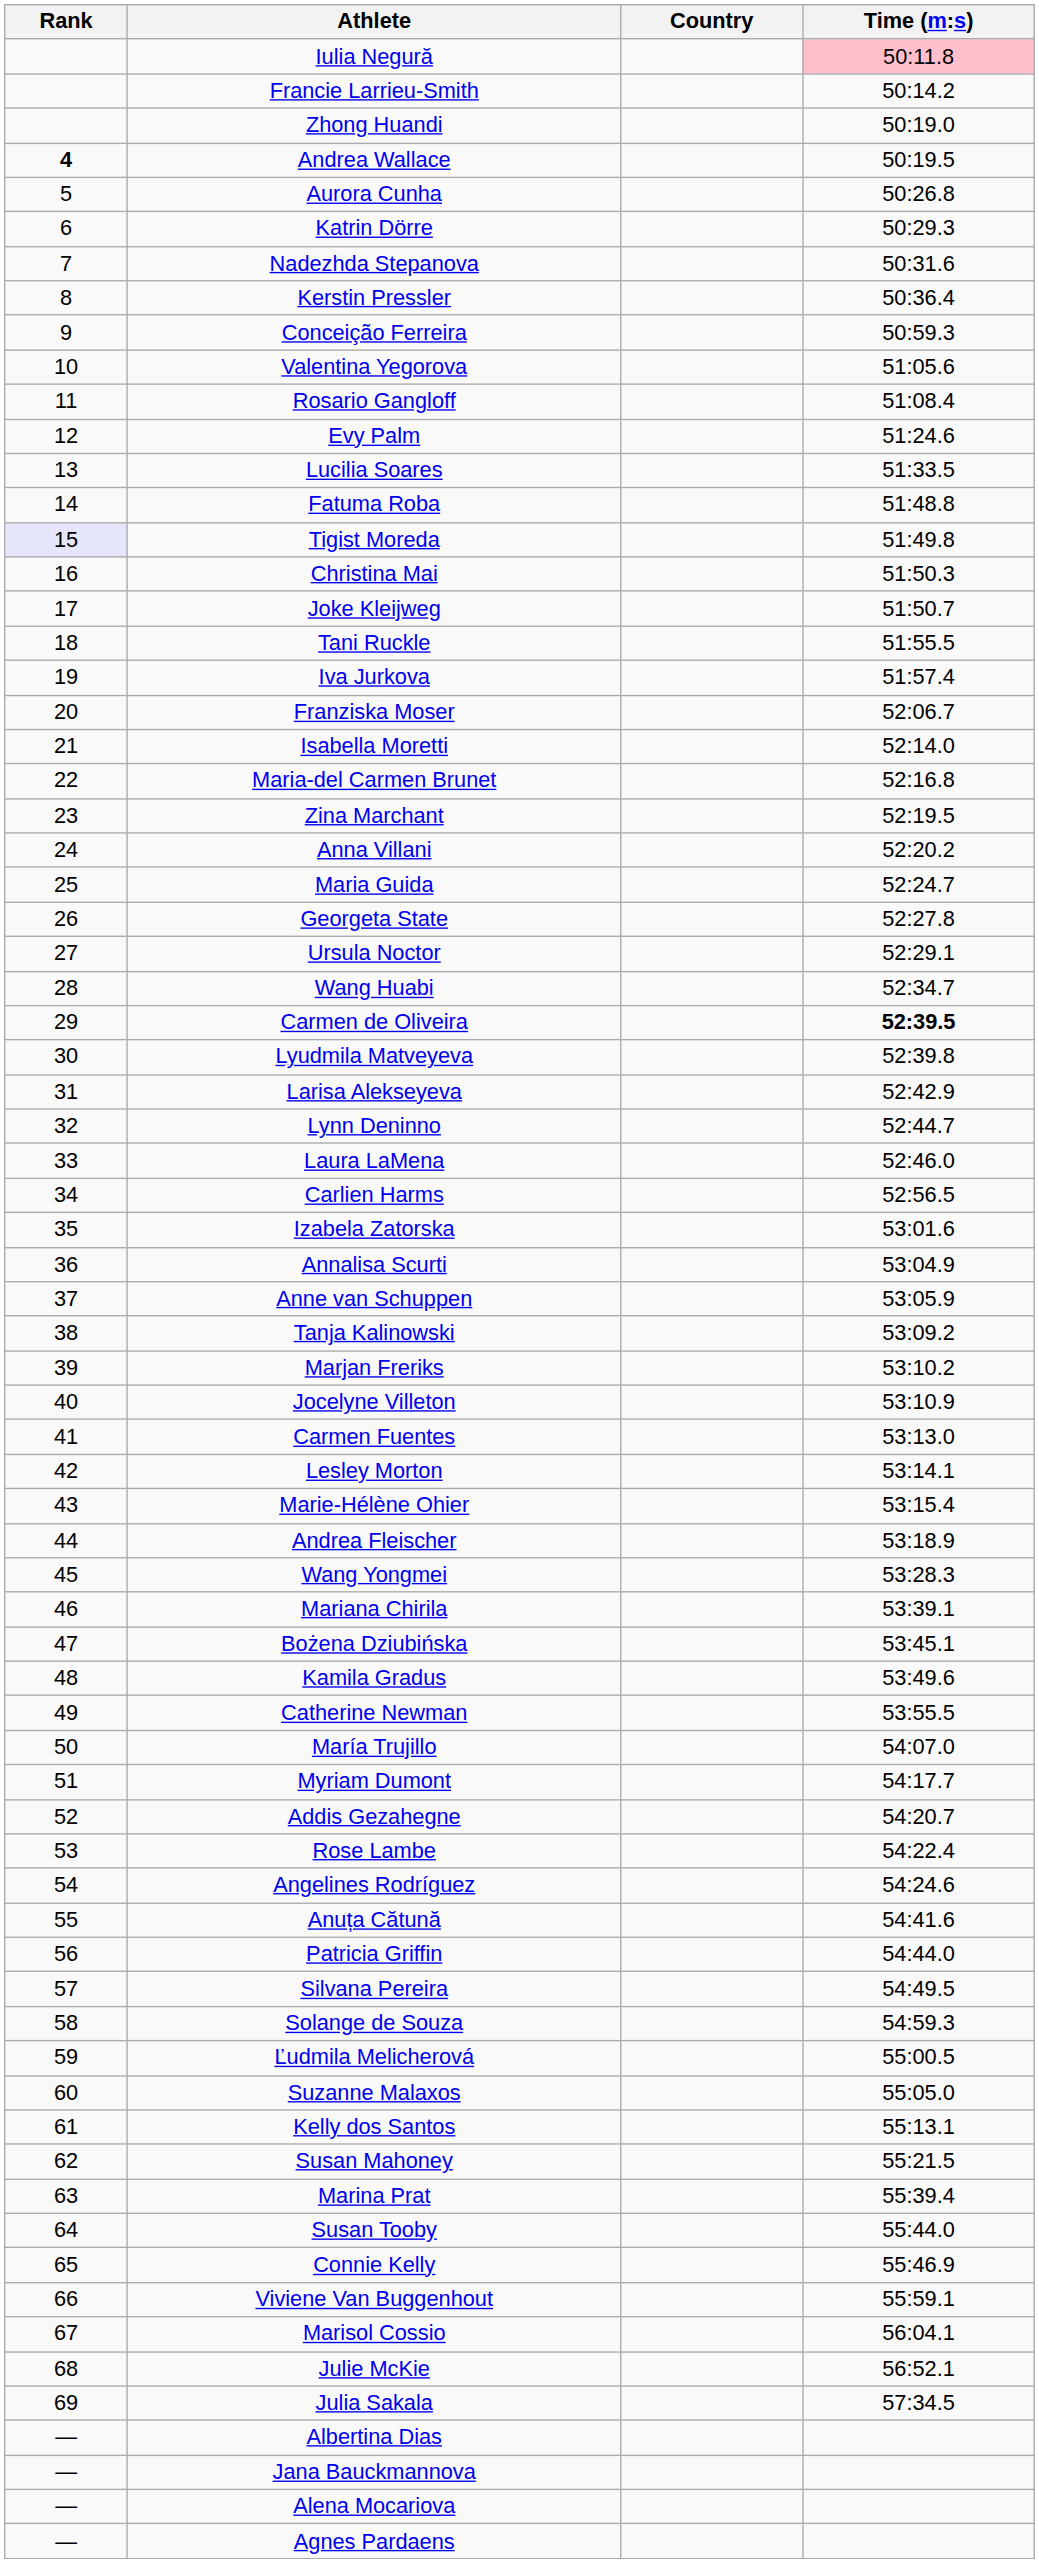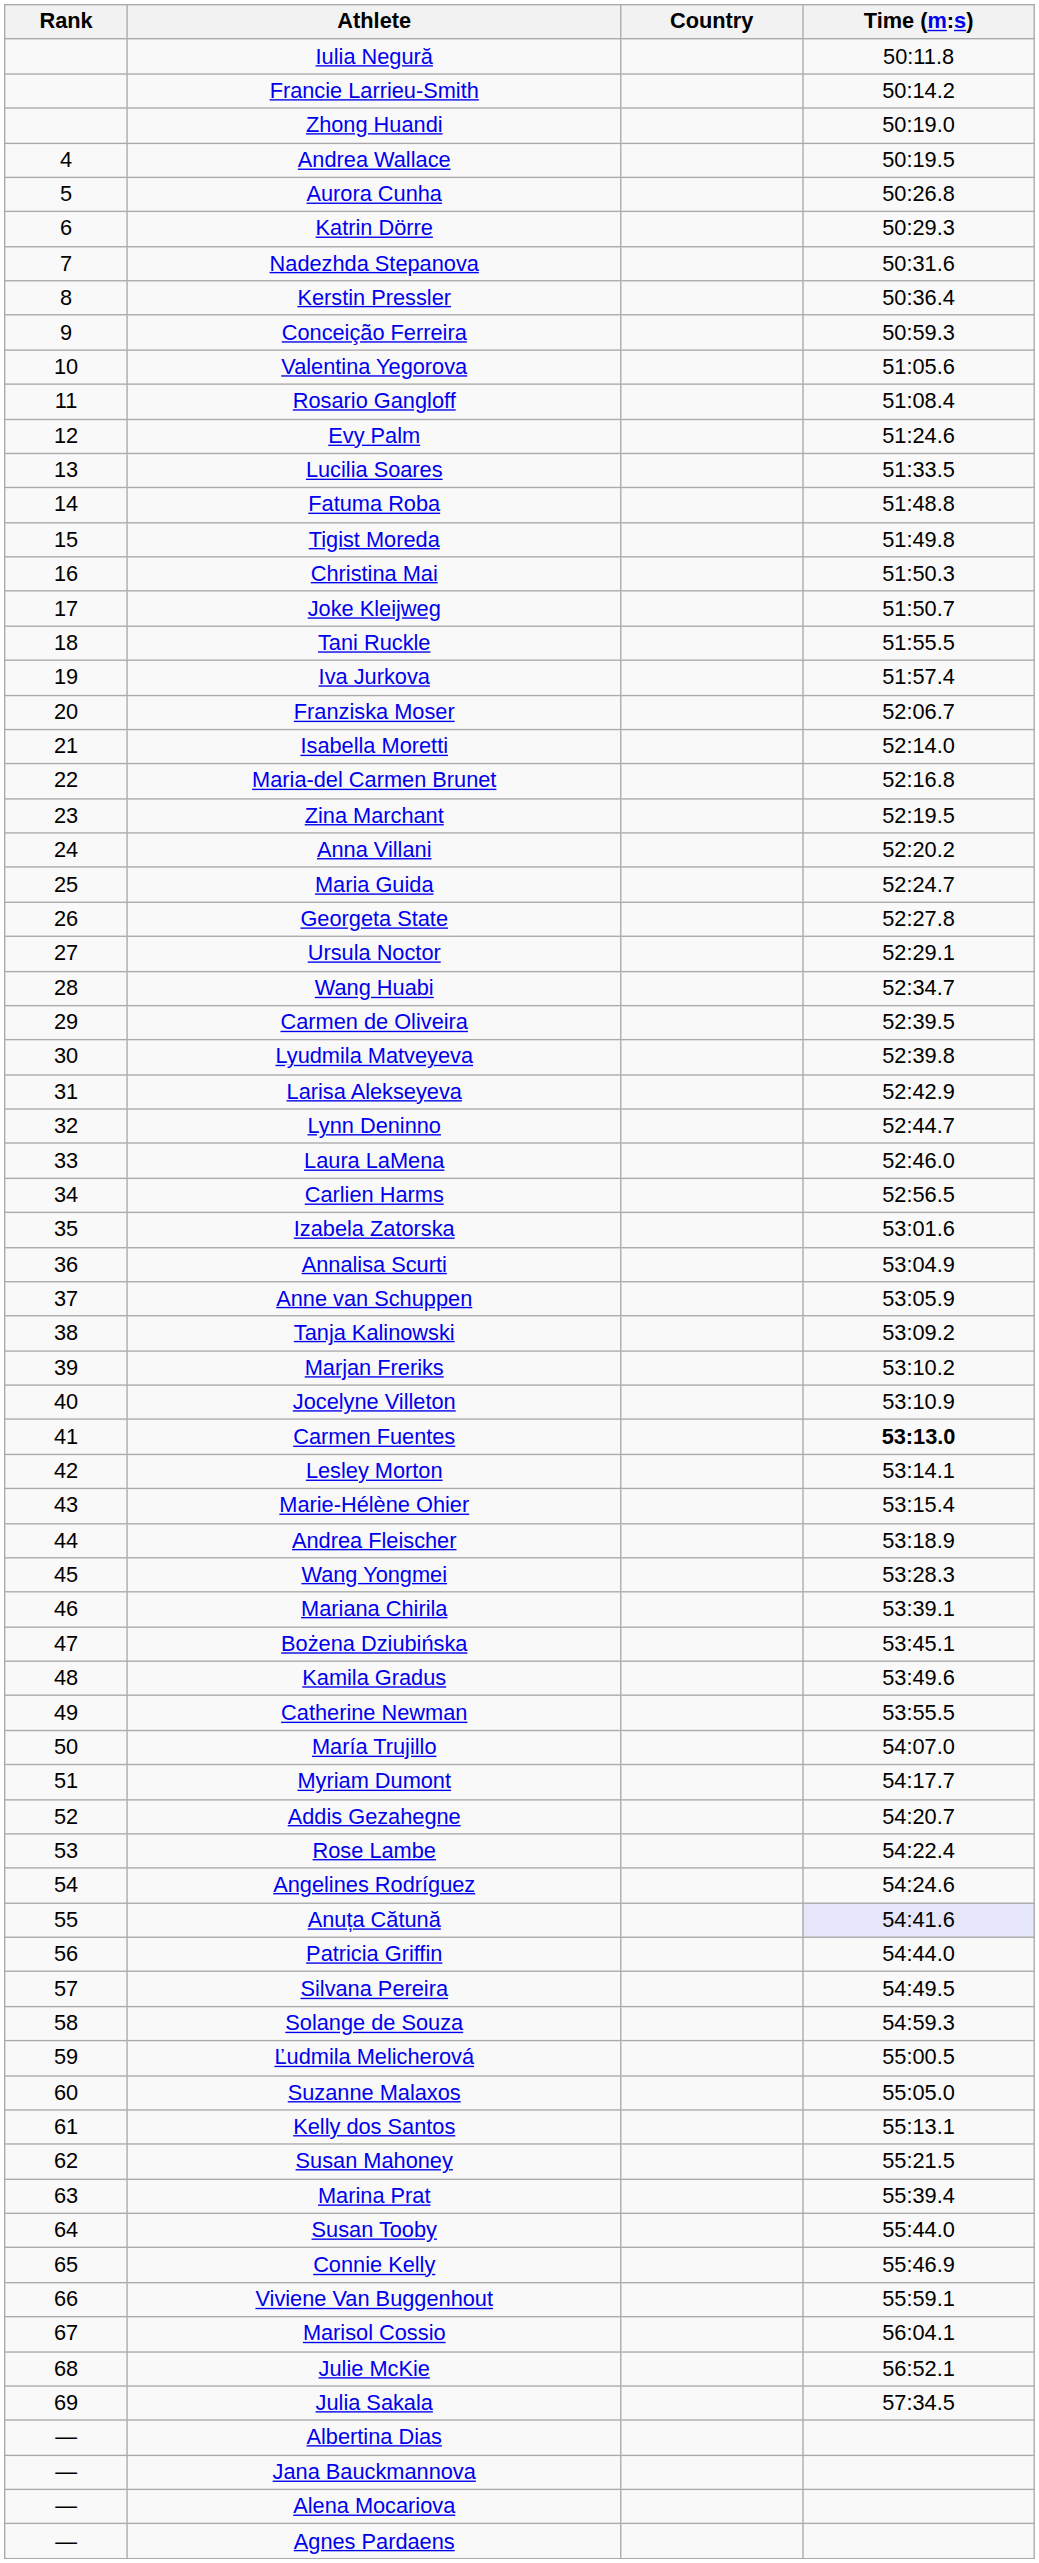 <table class="wikitable sortable" style="text-align:center;" width="60%">
 <tr>
 <th>Rank</th>
 <th>Athlete</th>
 <th>Country</th>
 <th>Time (<a href='#'>m</a>:<a href='#'>s</a>)</th>
 </tr>
 <tr>
 <td></td>
 <td><a href='#'>Iulia Negură</a></td>
 <td align=left></td>
-<td style="background: pink;">50:11.8</td>
+<td>50:11.8</td>
 </tr>
 <tr>
 <td></td>
 <td><a href='#'>Francie Larrieu-Smith</a></td>
 <td align=left></td>
 <td>50:14.2</td>
 </tr>
 <tr>
 <td></td>
 <td><a href='#'>Zhong Huandi</a></td>
 <td align=left></td>
 <td>50:19.0</td>
 </tr>
 <tr>
-<td><strong>4</strong></td>
+<td>4</td>
 <td><a href='#'>Andrea Wallace</a></td>
 <td align=left></td>
 <td>50:19.5</td>
 </tr>
 <tr>
 <td>5</td>
 <td><a href='#'>Aurora Cunha</a></td>
 <td align=left></td>
 <td>50:26.8</td>
 </tr>
 <tr>
 <td>6</td>
 <td><a href='#'>Katrin Dörre</a></td>
 <td align=left></td>
 <td>50:29.3</td>
 </tr>
 <tr>
 <td>7</td>
 <td><a href='#'>Nadezhda Stepanova</a></td>
 <td align=left></td>
 <td>50:31.6</td>
 </tr>
 <tr>
 <td>8</td>
 <td><a href='#'>Kerstin Pressler</a></td>
 <td align=left></td>
 <td>50:36.4</td>
 </tr>
 <tr>
 <td>9</td>
 <td><a href='#'>Conceição Ferreira</a></td>
 <td align=left></td>
 <td>50:59.3</td>
 </tr>
 <tr>
 <td>10</td>
 <td><a href='#'>Valentina Yegorova</a></td>
 <td align=left></td>
 <td>51:05.6</td>
 </tr>
 <tr>
 <td>11</td>
 <td><a href='#'>Rosario Gangloff</a></td>
 <td align=left></td>
 <td>51:08.4</td>
 </tr>
 <tr>
 <td>12</td>
 <td><a href='#'>Evy Palm</a></td>
 <td align=left></td>
 <td>51:24.6</td>
 </tr>
 <tr>
 <td>13</td>
 <td><a href='#'>Lucilia Soares</a></td>
 <td align=left></td>
 <td>51:33.5</td>
 </tr>
 <tr>
 <td>14</td>
 <td><a href='#'>Fatuma Roba</a></td>
 <td align=left></td>
 <td>51:48.8</td>
 </tr>
 <tr>
-<td style="background: lavender;">15</td>
+<td>15</td>
 <td><a href='#'>Tigist Moreda</a></td>
 <td align=left></td>
 <td>51:49.8</td>
 </tr>
 <tr>
 <td>16</td>
 <td><a href='#'>Christina Mai</a></td>
 <td align=left></td>
 <td>51:50.3</td>
 </tr>
 <tr>
 <td>17</td>
 <td><a href='#'>Joke Kleijweg</a></td>
 <td align=left></td>
 <td>51:50.7</td>
 </tr>
 <tr>
 <td>18</td>
 <td><a href='#'>Tani Ruckle</a></td>
 <td align=left></td>
 <td>51:55.5</td>
 </tr>
 <tr>
 <td>19</td>
 <td><a href='#'>Iva Jurkova</a></td>
 <td align=left></td>
 <td>51:57.4</td>
 </tr>
 <tr>
 <td>20</td>
 <td><a href='#'>Franziska Moser</a></td>
 <td align=left></td>
 <td>52:06.7</td>
 </tr>
 <tr>
 <td>21</td>
 <td><a href='#'>Isabella Moretti</a></td>
 <td align=left></td>
 <td>52:14.0</td>
 </tr>
 <tr>
 <td>22</td>
 <td><a href='#'>Maria-del Carmen Brunet</a></td>
 <td align=left></td>
 <td>52:16.8</td>
 </tr>
 <tr>
 <td>23</td>
 <td><a href='#'>Zina Marchant</a></td>
 <td align=left></td>
 <td>52:19.5</td>
 </tr>
 <tr>
 <td>24</td>
 <td><a href='#'>Anna Villani</a></td>
 <td align=left></td>
 <td>52:20.2</td>
 </tr>
 <tr>
 <td>25</td>
 <td><a href='#'>Maria Guida</a></td>
 <td align=left></td>
 <td>52:24.7</td>
 </tr>
 <tr>
 <td>26</td>
 <td><a href='#'>Georgeta State</a></td>
 <td align=left></td>
 <td>52:27.8</td>
 </tr>
 <tr>
 <td>27</td>
 <td><a href='#'>Ursula Noctor</a></td>
 <td align=left></td>
 <td>52:29.1</td>
 </tr>
 <tr>
 <td>28</td>
 <td><a href='#'>Wang Huabi</a></td>
 <td align=left></td>
 <td>52:34.7</td>
 </tr>
 <tr>
 <td>29</td>
 <td><a href='#'>Carmen de Oliveira</a></td>
 <td align=left></td>
-<td><strong>52:39.5</strong></td>
+<td>52:39.5</td>
 </tr>
 <tr>
 <td>30</td>
 <td><a href='#'>Lyudmila Matveyeva</a></td>
 <td align=left></td>
 <td>52:39.8</td>
 </tr>
 <tr>
 <td>31</td>
 <td><a href='#'>Larisa Alekseyeva</a></td>
 <td align=left></td>
 <td>52:42.9</td>
 </tr>
 <tr>
 <td>32</td>
 <td><a href='#'>Lynn Deninno</a></td>
 <td align=left></td>
 <td>52:44.7</td>
 </tr>
 <tr>
 <td>33</td>
 <td><a href='#'>Laura LaMena</a></td>
 <td align=left></td>
 <td>52:46.0</td>
 </tr>
 <tr>
 <td>34</td>
 <td><a href='#'>Carlien Harms</a></td>
 <td align=left></td>
 <td>52:56.5</td>
 </tr>
 <tr>
 <td>35</td>
 <td><a href='#'>Izabela Zatorska</a></td>
 <td align=left></td>
 <td>53:01.6</td>
 </tr>
 <tr>
 <td>36</td>
 <td><a href='#'>Annalisa Scurti</a></td>
 <td align=left></td>
 <td>53:04.9</td>
 </tr>
 <tr>
 <td>37</td>
 <td><a href='#'>Anne van Schuppen</a></td>
 <td align=left></td>
 <td>53:05.9</td>
 </tr>
 <tr>
 <td>38</td>
 <td><a href='#'>Tanja Kalinowski</a></td>
 <td align=left></td>
 <td>53:09.2</td>
 </tr>
 <tr>
 <td>39</td>
 <td><a href='#'>Marjan Freriks</a></td>
 <td align=left></td>
 <td>53:10.2</td>
 </tr>
 <tr>
 <td>40</td>
 <td><a href='#'>Jocelyne Villeton</a></td>
 <td align=left></td>
 <td>53:10.9</td>
 </tr>
 <tr>
 <td>41</td>
 <td><a href='#'>Carmen Fuentes</a></td>
 <td align=left></td>
-<td>53:13.0</td>
+<td><strong>53:13.0</strong></td>
 </tr>
 <tr>
 <td>42</td>
 <td><a href='#'>Lesley Morton</a></td>
 <td align=left></td>
 <td>53:14.1</td>
 </tr>
 <tr>
 <td>43</td>
 <td><a href='#'>Marie-Hélène Ohier</a></td>
 <td align=left></td>
 <td>53:15.4</td>
 </tr>
 <tr>
 <td>44</td>
 <td><a href='#'>Andrea Fleischer</a></td>
 <td align=left></td>
 <td>53:18.9</td>
 </tr>
 <tr>
 <td>45</td>
 <td><a href='#'>Wang Yongmei</a></td>
 <td align=left></td>
 <td>53:28.3</td>
 </tr>
 <tr>
 <td>46</td>
 <td><a href='#'>Mariana Chirila</a></td>
 <td align=left></td>
 <td>53:39.1</td>
 </tr>
 <tr>
 <td>47</td>
 <td><a href='#'>Bożena Dziubińska</a></td>
 <td align=left></td>
 <td>53:45.1</td>
 </tr>
 <tr>
 <td>48</td>
 <td><a href='#'>Kamila Gradus</a></td>
 <td align=left></td>
 <td>53:49.6</td>
 </tr>
 <tr>
 <td>49</td>
 <td><a href='#'>Catherine Newman</a></td>
 <td align=left></td>
 <td>53:55.5</td>
 </tr>
 <tr>
 <td>50</td>
 <td><a href='#'>María Trujillo</a></td>
 <td align=left></td>
 <td>54:07.0</td>
 </tr>
 <tr>
 <td>51</td>
 <td><a href='#'>Myriam Dumont</a></td>
 <td align=left></td>
 <td>54:17.7</td>
 </tr>
 <tr>
 <td>52</td>
 <td><a href='#'>Addis Gezahegne</a></td>
 <td align=left></td>
 <td>54:20.7</td>
 </tr>
 <tr>
 <td>53</td>
 <td><a href='#'>Rose Lambe</a></td>
 <td align=left></td>
 <td>54:22.4</td>
 </tr>
 <tr>
 <td>54</td>
 <td><a href='#'>Angelines Rodríguez</a></td>
 <td align=left></td>
 <td>54:24.6</td>
 </tr>
 <tr>
 <td>55</td>
 <td><a href='#'>Anuța Cătună</a></td>
 <td align=left></td>
-<td>54:41.6</td>
+<td style="background: lavender;">54:41.6</td>
 </tr>
 <tr>
 <td>56</td>
 <td><a href='#'>Patricia Griffin</a></td>
 <td align=left></td>
 <td>54:44.0</td>
 </tr>
 <tr>
 <td>57</td>
 <td><a href='#'>Silvana Pereira</a></td>
 <td align=left></td>
 <td>54:49.5</td>
 </tr>
 <tr>
 <td>58</td>
 <td><a href='#'>Solange de Souza</a></td>
 <td align=left></td>
 <td>54:59.3</td>
 </tr>
 <tr>
 <td>59</td>
 <td><a href='#'>Ľudmila Melicherová</a></td>
 <td align=left></td>
 <td>55:00.5</td>
 </tr>
 <tr>
 <td>60</td>
 <td><a href='#'>Suzanne Malaxos</a></td>
 <td align=left></td>
 <td>55:05.0</td>
 </tr>
 <tr>
 <td>61</td>
 <td><a href='#'>Kelly dos Santos</a></td>
 <td align=left></td>
 <td>55:13.1</td>
 </tr>
 <tr>
 <td>62</td>
 <td><a href='#'>Susan Mahoney</a></td>
 <td align=left></td>
 <td>55:21.5</td>
 </tr>
 <tr>
 <td>63</td>
 <td><a href='#'>Marina Prat</a></td>
 <td align=left></td>
 <td>55:39.4</td>
 </tr>
 <tr>
 <td>64</td>
 <td><a href='#'>Susan Tooby</a></td>
 <td align=left></td>
 <td>55:44.0</td>
 </tr>
 <tr>
 <td>65</td>
 <td><a href='#'>Connie Kelly</a></td>
 <td align=left></td>
 <td>55:46.9</td>
 </tr>
 <tr>
 <td>66</td>
 <td><a href='#'>Viviene Van Buggenhout</a></td>
 <td align=left></td>
 <td>55:59.1</td>
 </tr>
 <tr>
 <td>67</td>
 <td><a href='#'>Marisol Cossio</a></td>
 <td align=left></td>
 <td>56:04.1</td>
 </tr>
 <tr>
 <td>68</td>
 <td><a href='#'>Julie McKie</a></td>
 <td align=left></td>
 <td>56:52.1</td>
 </tr>
 <tr>
 <td>69</td>
 <td><a href='#'>Julia Sakala</a></td>
 <td align=left></td>
 <td>57:34.5</td>
 </tr>
 <tr>
 <td>—</td>
 <td><a href='#'>Albertina Dias</a></td>
 <td align=left></td>
 <td></td>
 </tr>
 <tr>
 <td>—</td>
 <td><a href='#'>Jana Bauckmannova</a></td>
 <td align=left></td>
 <td></td>
 </tr>
 <tr>
 <td>—</td>
 <td><a href='#'>Alena Mocariova</a></td>
 <td align=left></td>
 <td></td>
 </tr>
 <tr>
 <td>—</td>
 <td><a href='#'>Agnes Pardaens</a></td>
 <td align=left></td>
 <td></td>
 </tr>
 <tr>
 </tr>
 </table>
